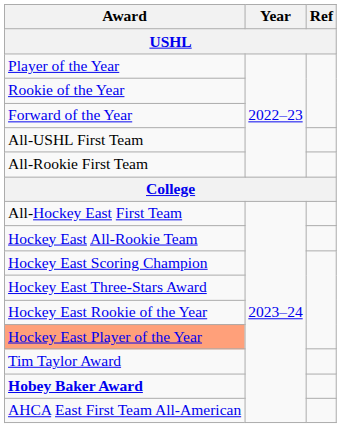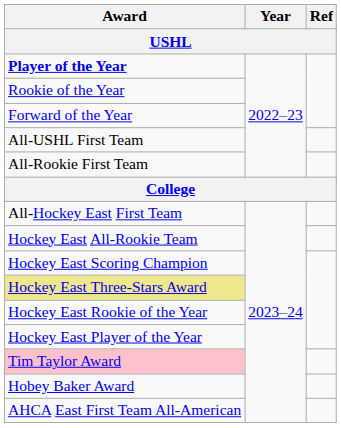 <table class="wikitable">
 <tr>
 <th>Award</th>
 <th>Year</th>
 <th>Ref</th>
 </tr>
 <tr>
 <th colspan="3"><a href='#'>USHL</a></th>
 </tr>
 <tr>
-<td><a href='#'>Player of the Year</a></td>
+<td><strong><a href='#'>Player of the Year</a></strong></td>
 <td rowspan="5"><a href='#'>2022–23</a></td>
 <td rowspan="3"></td>
 </tr>
 <tr>
 <td><a href='#'>Rookie of the Year</a></td>
 </tr>
 <tr>
 <td><a href='#'>Forward of the Year</a></td>
 </tr>
 <tr>
 <td>All-USHL First Team</td>
 <td></td>
 </tr>
 <tr>
 <td>All-Rookie First Team</td>
 <td></td>
 </tr>
 <tr>
 <th colspan="3"><a href='#'>College</a></th>
 </tr>
 <tr>
 <td>All-<a href='#'>Hockey East</a> <a href='#'>First Team</a></td>
 <td rowspan="9"><a href='#'>2023–24</a></td>
 <td></td>
 </tr>
 <tr>
 <td><a href='#'>Hockey East</a> <a href='#'>All-Rookie Team</a></td>
 <td></td>
 </tr>
 <tr>
 <td><a href='#'>Hockey East Scoring Champion</a></td>
 <td rowspan="4"></td>
 </tr>
 <tr>
-<td><a href='#'>Hockey East Three-Stars Award</a></td>
+<td style="background: khaki;"><a href='#'>Hockey East Three-Stars Award</a></td>
 </tr>
 <tr>
 <td><a href='#'>Hockey East Rookie of the Year</a></td>
 </tr>
 <tr>
-<td style="background: lightsalmon;"><a href='#'>Hockey East Player of the Year</a></td>
+<td><a href='#'>Hockey East Player of the Year</a></td>
 </tr>
 <tr>
-<td><a href='#'>Tim Taylor Award</a></td>
+<td style="background: pink;"><a href='#'>Tim Taylor Award</a></td>
 <td></td>
 </tr>
 <tr>
-<td><strong><a href='#'>Hobey Baker Award</a></strong></td>
+<td><a href='#'>Hobey Baker Award</a></td>
 <td></td>
 </tr>
 <tr>
 <td><a href='#'>AHCA</a> <a href='#'>East First Team All-American</a></td>
 <td></td>
 </tr>
 </table>
